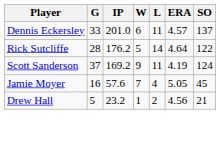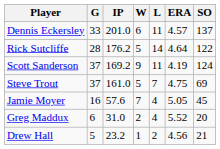 <table class="wikitable sortable">
 <tr>
 <th>Player</th>
 <th>G</th>
 <th>IP</th>
 <th>W</th>
 <th>L</th>
 <th>ERA</th>
 <th>SO</th>
 </tr>
 <tr>
 <td><a href='#'>Dennis Eckersley</a></td>
 <td>33</td>
 <td>201.0</td>
 <td>6</td>
 <td>11</td>
 <td>4.57</td>
 <td>137</td>
 </tr>
 <tr>
 <td><a href='#'>Rick Sutcliffe</a></td>
 <td>28</td>
 <td>176.2</td>
 <td>5</td>
 <td>14</td>
 <td>4.64</td>
 <td>122</td>
 </tr>
 <tr>
 <td><a href='#'>Scott Sanderson</a></td>
 <td>37</td>
 <td>169.2</td>
 <td>9</td>
 <td>11</td>
 <td>4.19</td>
 <td>124</td>
 </tr>
 <tr>
+<td><a href='#'>Steve Trout</a></td>
+<td>37</td>
+<td>161.0</td>
+<td>5</td>
+<td>7</td>
+<td>4.75</td>
+<td>69</td>
+</tr>
+<tr>
 <td><a href='#'>Jamie Moyer</a></td>
 <td>16</td>
 <td>57.6</td>
 <td>7</td>
 <td>4</td>
 <td>5.05</td>
 <td>45</td>
+</tr>
+<tr>
+<td><a href='#'>Greg Maddux</a></td>
+<td>6</td>
+<td>31.0</td>
+<td>2</td>
+<td>4</td>
+<td>5.52</td>
+<td>20</td>
 </tr>
 <tr>
 <td><a href='#'>Drew Hall</a></td>
 <td>5</td>
 <td>23.2</td>
 <td>1</td>
 <td>2</td>
 <td>4.56</td>
 <td>21</td>
 </tr>
 </table>
